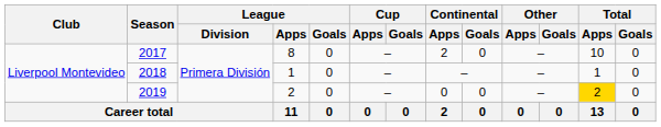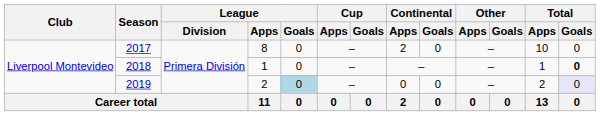 <table class="wikitable" style="text-align: center;">
 <tr>
 <th rowspan="2">Club</th>
 <th rowspan="2">Season</th>
 <th colspan="3">League</th>
 <th colspan="2">Cup</th>
 <th colspan="2">Continental</th>
 <th colspan="2">Other</th>
 <th colspan="2">Total</th>
 </tr>
 <tr>
 <th>Division</th>
 <th>Apps</th>
 <th>Goals</th>
 <th>Apps</th>
 <th>Goals</th>
 <th>Apps</th>
 <th>Goals</th>
 <th>Apps</th>
 <th>Goals</th>
 <th>Apps</th>
 <th>Goals</th>
 </tr>
 <tr>
 <td rowspan="3"><a href='#'>Liverpool Montevideo</a></td>
 <td><a href='#'>2017</a></td>
 <td rowspan="3"><a href='#'>Primera División</a></td>
 <td>8</td>
 <td>0</td>
 <td colspan="2">–</td>
 <td>2</td>
 <td>0</td>
 <td colspan="2">–</td>
 <td>10</td>
 <td>0</td>
 </tr>
 <tr>
 <td><a href='#'>2018</a></td>
 <td>1</td>
 <td>0</td>
 <td colspan="2">–</td>
 <td colspan="2">–</td>
 <td colspan="2">–</td>
 <td>1</td>
-<td>0</td>
+<td><strong>0</strong></td>
 </tr>
 <tr>
 <td><a href='#'>2019</a></td>
 <td>2</td>
-<td>0</td>
+<td style="background: lightblue;">0</td>
 <td colspan="2">–</td>
 <td>0</td>
 <td>0</td>
 <td colspan="2">–</td>
-<td style="background: gold;">2</td>
-<td>0</td>
+<td>2</td>
+<td style="background: lavender;">0</td>
 </tr>
 <tr>
 <th colspan="3">Career total</th>
 <th>11</th>
 <th>0</th>
 <th>0</th>
 <th>0</th>
 <th>2</th>
 <th>0</th>
 <th>0</th>
 <th>0</th>
 <th>13</th>
 <th>0</th>
 </tr>
 </table>
